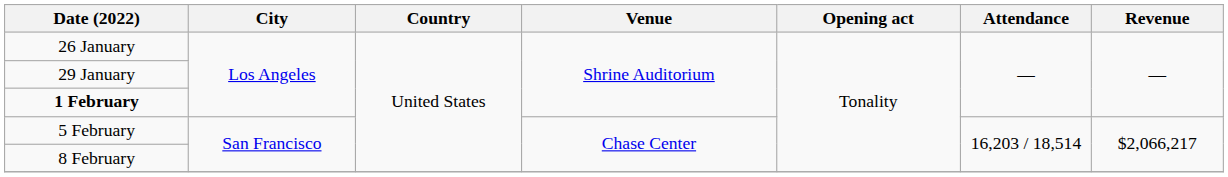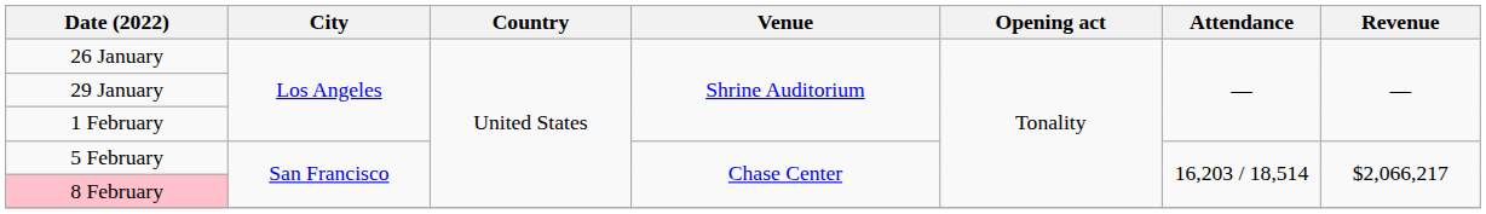 <table class="wikitable plainrowheaders" style="text-align: center;">
 <tr>
 <th scope="col" style="width:10em;">Date (2022)</th>
 <th scope="col" style="width:9em;">City</th>
 <th scope="col" style="width:9em;">Country</th>
 <th scope="col" style="width:14em;">Venue</th>
 <th scope="col" style="width:10em;">Opening act</th>
 <th scope="col" style="width:7em;">Attendance</th>
 <th scope="col" style="width:7em;">Revenue</th>
 </tr>
 <tr>
 <td>26 January</td>
 <td rowspan=3><a href='#'>Los Angeles</a></td>
 <td rowspan=5>United States</td>
 <td rowspan=3><a href='#'>Shrine Auditorium</a></td>
 <td rowspan=5>Tonality</td>
 <td rowspan=3>—</td>
 <td rowspan=3>—</td>
 </tr>
 <tr>
 <td>29 January</td>
 </tr>
 <tr>
-<td><strong>1 February</strong></td>
+<td>1 February</td>
 </tr>
 <tr>
 <td>5 February</td>
 <td rowspan=2><a href='#'>San Francisco</a></td>
 <td rowspan=2><a href='#'>Chase Center</a></td>
 <td rowspan=2>16,203 / 18,514</td>
 <td rowspan=2>$2,066,217</td>
 </tr>
 <tr>
-<td>8 February</td>
+<td style="background: pink;">8 February</td>
 </tr>
 <tr>
 </tr>
 </table>
